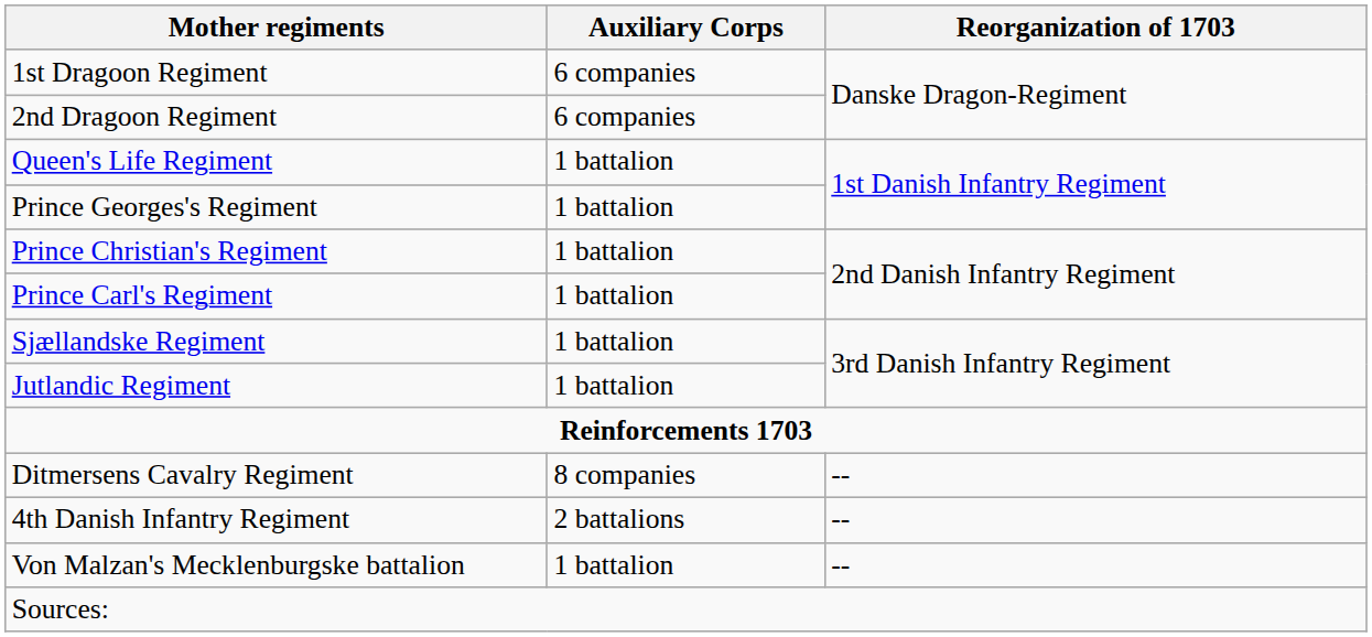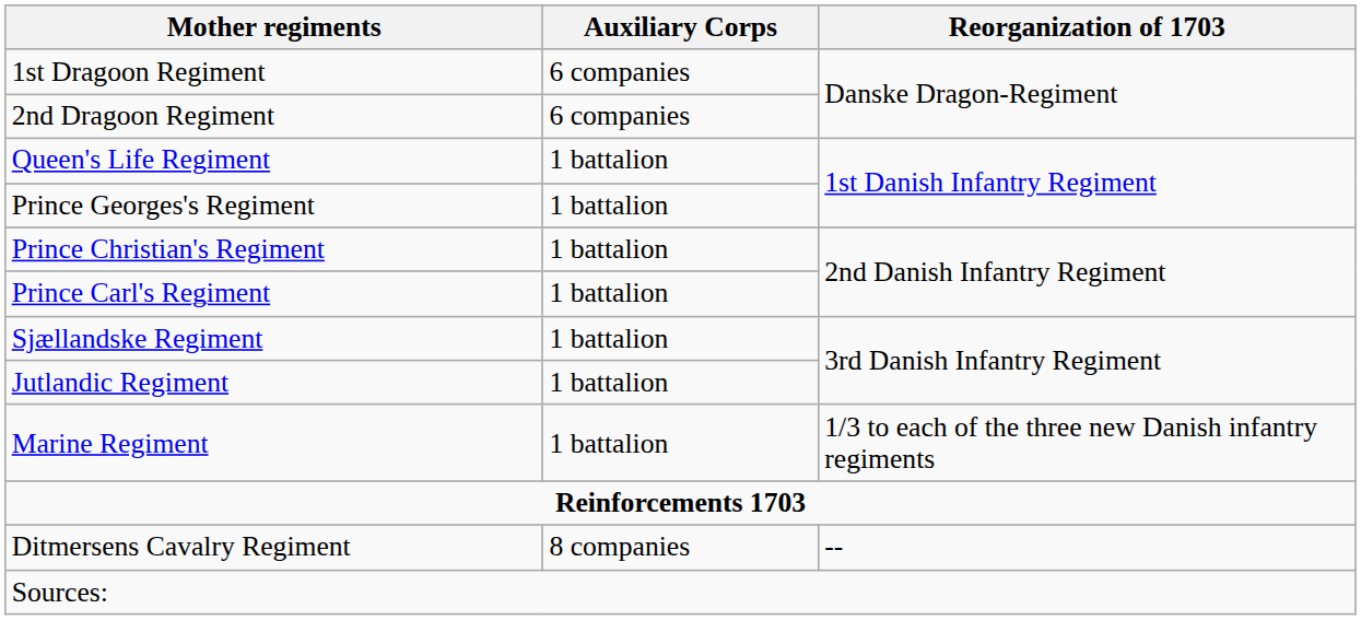 <table class="wikitable">
 <tr>
 <th align="left" width="300">Mother regiments</th>
 <th align="left" width="150">Auxiliary Corps</th>
 <th align="left" width="300">Reorganization of 1703</th>
 </tr>
 <tr>
 <td>1st Dragoon Regiment</td>
 <td>6 companies</td>
 <td rowspan=2>Danske Dragon-Regiment</td>
 </tr>
 <tr>
 <td>2nd Dragoon Regiment</td>
 <td>6 companies</td>
 </tr>
 <tr>
 <td><a href='#'>Queen's Life Regiment</a></td>
 <td>1 battalion</td>
 <td rowspan=2><a href='#'>1st Danish Infantry Regiment</a></td>
 </tr>
 <tr>
 <td>Prince Georges's Regiment</td>
 <td>1 battalion</td>
 </tr>
 <tr>
 <td><a href='#'>Prince Christian's Regiment</a></td>
 <td>1 battalion</td>
 <td rowspan=2>2nd Danish Infantry Regiment</td>
 </tr>
 <tr>
 <td><a href='#'>Prince Carl's Regiment</a></td>
 <td>1 battalion</td>
 </tr>
 <tr>
 <td><a href='#'>Sjællandske Regiment</a></td>
 <td>1 battalion</td>
 <td rowspan=2>3rd Danish Infantry Regiment</td>
 </tr>
 <tr>
 <td><a href='#'>Jutlandic Regiment</a></td>
 <td>1 battalion</td>
 </tr>
 <tr>
+<td><a href='#'>Marine Regiment</a></td>
+<td>1 battalion</td>
+<td>1/3 to each of the three new Danish infantry regiments</td>
+</tr>
+<tr>
 <td colspan=3 style="text-align:center;"><strong>Reinforcements 1703</strong></td>
 </tr>
 <tr>
 <td>Ditmersens Cavalry Regiment</td>
 <td>8 companies</td>
 <td>--</td>
 </tr>
 <tr>
-<td>4th Danish Infantry Regiment</td>
-<td>2 battalions</td>
-<td>--</td>
-</tr>
-<tr>
-<td>Von Malzan's Mecklenburgske battalion</td>
-<td>1 battalion</td>
-<td>--</td>
-</tr>
-<tr>
 <td colspan=3>Sources:</td>
 </tr>
 </table>
